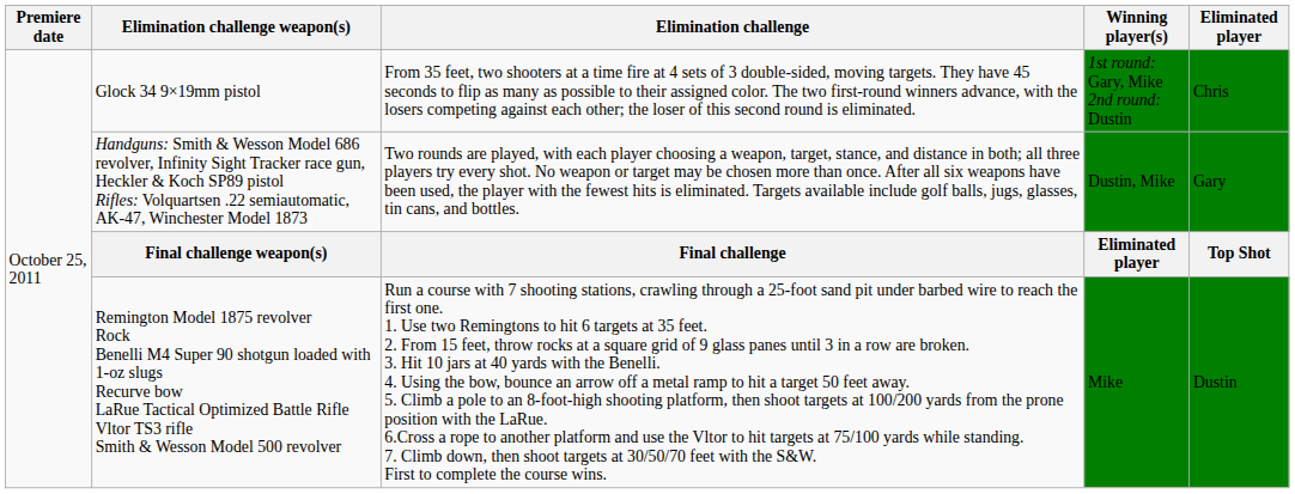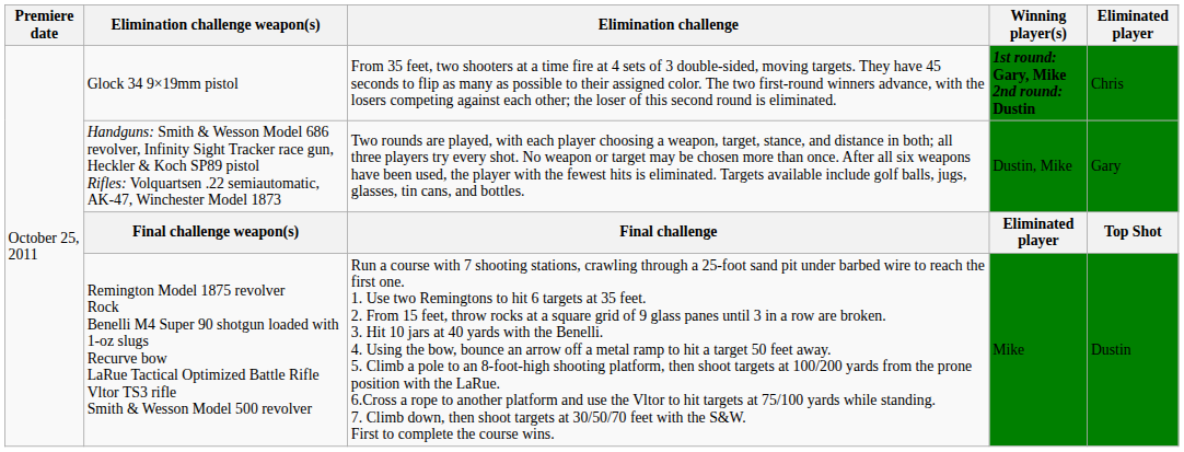 <table class="wikitable">
 <tr>
 <th>Premiere date</th>
 <th>Elimination challenge weapon(s)</th>
 <th>Elimination challenge</th>
 <th>Winning player(s)</th>
 <th>Eliminated player</th>
 </tr>
 <tr>
 <td rowspan="4">October 25, 2011</td>
 <td>Glock 34 9×19mm pistol</td>
 <td>From 35 feet, two shooters at a time fire at 4 sets of 3 double-sided, moving targets. They have 45 seconds to flip as many as possible to their assigned color. The two first-round winners advance, with the losers competing against each other; the loser of this second round is eliminated.</td>
-<td style="background:green;"><span><em>1st round:</em> Gary, Mike<br><em>2nd round:</em> Dustin</span></td>
+<td style="background:green;"><strong><span><em>1st round:</em> Gary, Mike<br><em>2nd round:</em> Dustin</span></strong></td>
 <td style="background:green;"><span>Chris</span></td>
 </tr>
 <tr>
 <td><em>Handguns:</em> Smith & Wesson Model 686 revolver, Infinity Sight Tracker race gun, Heckler & Koch SP89 pistol<br><em>Rifles:</em> Volquartsen .22 semiautomatic, AK-47, Winchester Model 1873</td>
 <td>Two rounds are played, with each player choosing a weapon, target, stance, and distance in both; all three players try every shot. No weapon or target may be chosen more than once. After all six weapons have been used, the player with the fewest hits is eliminated. Targets available include golf balls, jugs, glasses, tin cans, and bottles.</td>
 <td style="background:green;"><span>Dustin, Mike</span></td>
 <td style="background:green;"><span>Gary</span></td>
 </tr>
 <tr>
 <th>Final challenge weapon(s)</th>
 <th>Final challenge</th>
 <th>Eliminated player</th>
 <th>Top Shot</th>
 </tr>
 <tr>
 <td>Remington Model 1875 revolver<br>Rock<br>Benelli M4 Super 90 shotgun loaded with 1-oz slugs<br>Recurve bow<br>LaRue Tactical Optimized Battle Rifle<br>Vltor TS3 rifle<br>Smith & Wesson Model 500 revolver</td>
 <td>Run a course with 7 shooting stations, crawling through a 25-foot sand pit under barbed wire to reach the first one.<br>1. Use two Remingtons to hit 6 targets at 35 feet.<br>2. From 15 feet, throw rocks at a square grid of 9 glass panes until 3 in a row are broken.<br>3. Hit 10 jars at 40 yards with the Benelli.<br>4. Using the bow, bounce an arrow off a metal ramp to hit a target 50 feet away.<br>5. Climb a pole to an 8-foot-high shooting platform, then shoot targets at 100/200 yards from the prone position with the LaRue.<br>6.Cross a rope to another platform and use the Vltor to hit targets at 75/100 yards while standing.<br>7. Climb down, then shoot targets at 30/50/70 feet with the S&W.<br>First to complete the course wins.</td>
 <td style="background:green;"><span>Mike</span></td>
 <td style="background:green;"><span>Dustin</span></td>
 </tr>
 </table>
